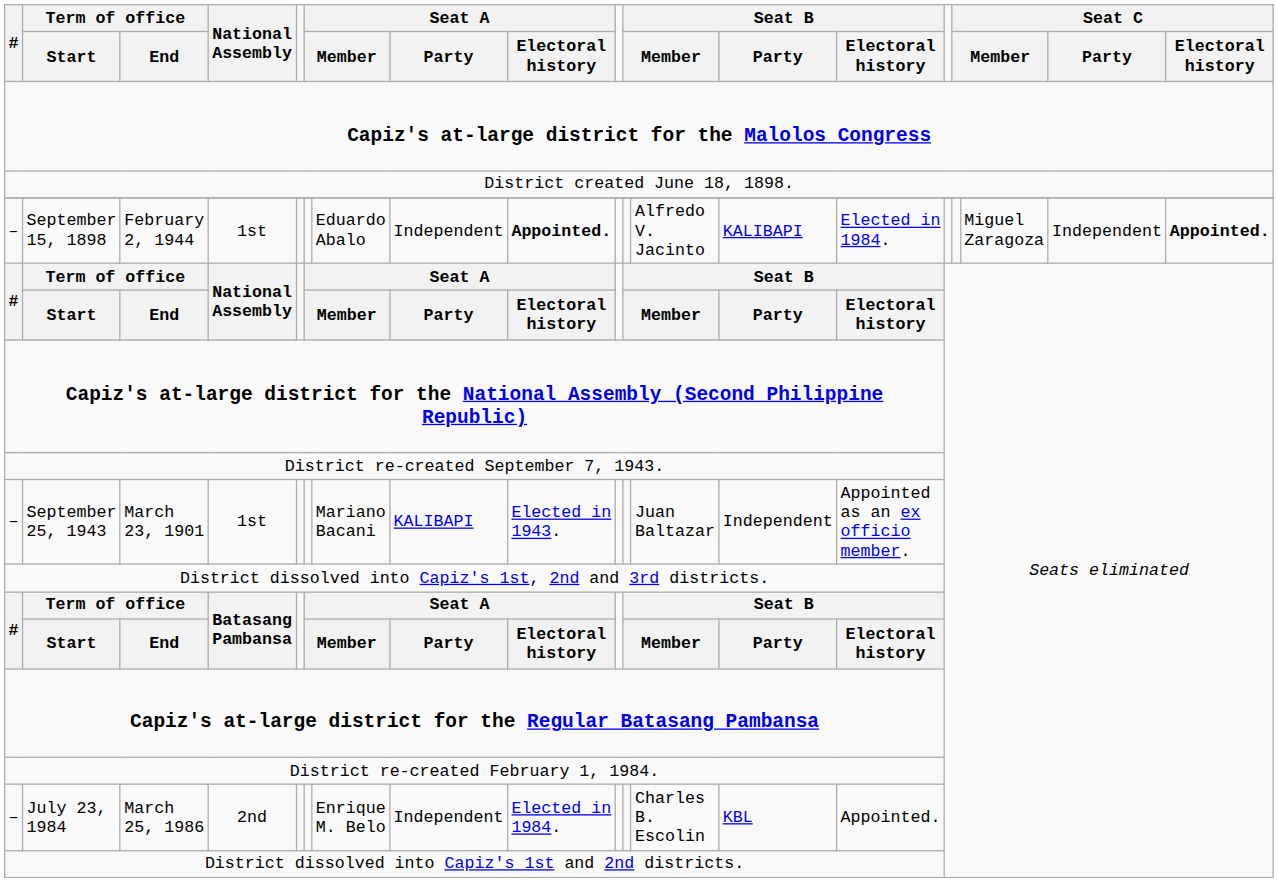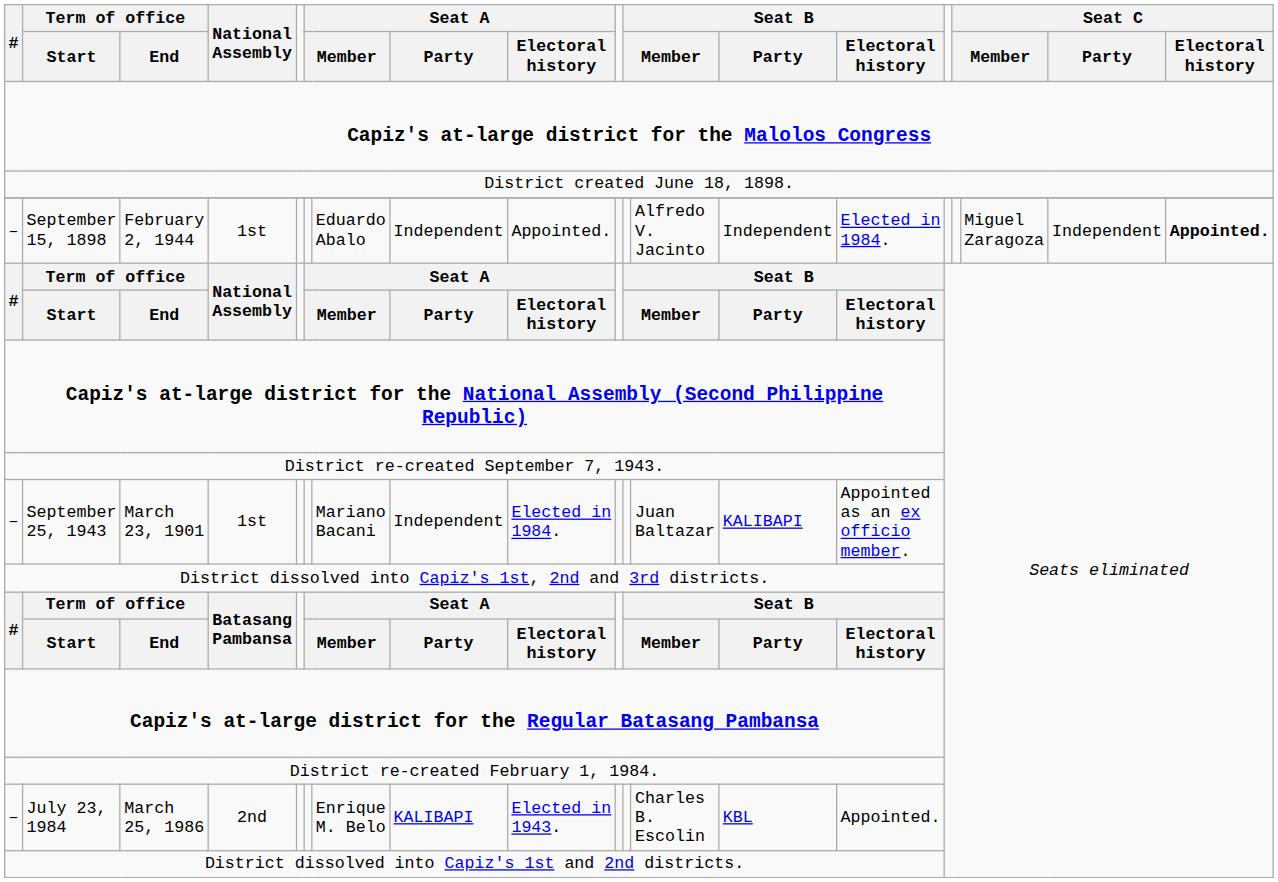 <table class=wikitable>
 <tr>
 <th rowspan=2>#</th>
 <th colspan=2>Term of office</th>
 <th rowspan=2>National<br>Assembly</th>
 <td rowspan=2></td>
 <th colspan=4>Seat A</th>
 <td rowspan=2></td>
 <th colspan=4>Seat B</th>
 <td rowspan=2></td>
 <th colspan=4>Seat C</th>
 </tr>
 <tr style="height:3em">
 <th>Start</th>
 <th>End</th>
 <th colspan="2" style="text-align:center;">Member</th>
 <th>Party</th>
 <th>Electoral history</th>
 <th colspan="2" style="text-align:center;">Member</th>
 <th>Party</th>
 <th>Electoral history</th>
 <th colspan="2" style="text-align:center;">Member</th>
 <th>Party</th>
 <th>Electoral history</th>
 </tr>
 <tr>
 <td colspan="19" style="text-align:center;"><br><h3>Capiz's at-large district for the <a href='#'>Malolos Congress</a></h3></td>
 </tr>
 <tr>
 <td colspan="19" style="text-align:center;">District created June 18, 1898.</td>
 </tr>
 <tr>
 </tr>
 <tr style="height:3em">
 <td style="text-align:center;">–</td>
 <td>September 15, 1898</td>
 <td>February 2, 1944</td>
 <td style="text-align:center;">1st</td>
 <td></td>
 <td style="background:"></td>
 <td>Eduardo Abalo</td>
 <td>Independent</td>
-<td><strong>Appointed.</strong></td>
+<td>Appointed.</td>
 <td></td>
 <td style="background:"></td>
 <td>Alfredo V. Jacinto</td>
-<td><a href='#'>KALIBAPI</a></td>
+<td>Independent</td>
 <td><a href='#'>Elected in 1984</a>.</td>
 <td></td>
 <td style="background:"></td>
 <td>Miguel Zaragoza</td>
 <td>Independent</td>
 <td><strong>Appointed.</strong></td>
 </tr>
 <tr>
 <th rowspan=2>#</th>
 <th colspan=2>Term of office</th>
 <th rowspan=2>National<br>Assembly</th>
 <td rowspan=2></td>
 <th colspan=4>Seat A</th>
 <td rowspan=2></td>
 <th colspan=4>Seat B</th>
 <td rowspan=12 colspan=5 style="text-align:center;"><em>Seats eliminated</em></td>
 </tr>
 <tr style="height:3em">
 <th>Start</th>
 <th>End</th>
 <th colspan="2" style="text-align:center;">Member</th>
 <th>Party</th>
 <th>Electoral history</th>
 <th colspan="2" style="text-align:center;">Member</th>
 <th>Party</th>
 <th>Electoral history</th>
 </tr>
 <tr>
 <td colspan="14" style="text-align:center;"><br><h3>Capiz's at-large district for the <a href='#'>National Assembly (Second Philippine Republic)</a></h3></td>
 </tr>
 <tr>
 <td colspan="14" style="text-align:center;">District re-created September 7, 1943.</td>
 </tr>
 <tr>
 <td style="text-align:center;">–</td>
 <td>September 25, 1943</td>
 <td>March 23, 1901</td>
 <td style="text-align:center;">1st</td>
 <td></td>
 <td style="background:"></td>
 <td>Mariano Bacani</td>
-<td><a href='#'>KALIBAPI</a></td>
-<td><a href='#'>Elected in 1943</a>.</td>
+<td>Independent</td>
+<td><a href='#'>Elected in 1984</a>.</td>
 <td></td>
 <td style="background:"></td>
 <td>Juan Baltazar</td>
-<td>Independent</td>
+<td><a href='#'>KALIBAPI</a></td>
 <td>Appointed as an <a href='#'>ex officio member</a>.</td>
 </tr>
 <tr>
 <td colspan="14" style="text-align:center;">District dissolved into <a href='#'>Capiz's 1st</a>, <a href='#'>2nd</a> and <a href='#'>3rd</a> districts.</td>
 </tr>
 <tr>
 <th rowspan=2>#</th>
 <th colspan=2>Term of office</th>
 <th rowspan=2>Batasang<br>Pambansa</th>
 <td rowspan=2></td>
 <th colspan=4>Seat A</th>
 <td rowspan=2></td>
 <th colspan=4>Seat B</th>
 </tr>
 <tr style="height:3em">
 <th>Start</th>
 <th>End</th>
 <th colspan="2" style="text-align:center;">Member</th>
 <th>Party</th>
 <th>Electoral history</th>
 <th colspan="2" style="text-align:center;">Member</th>
 <th>Party</th>
 <th>Electoral history</th>
 </tr>
 <tr>
 <td colspan="14" style="text-align:center;"><br><h3>Capiz's at-large district for the <a href='#'>Regular Batasang Pambansa</a></h3></td>
 </tr>
 <tr>
 <td colspan="14" style="text-align:center;">District re-created February 1, 1984.</td>
 </tr>
 <tr style="height:3em">
 <td style="text-align:center;">–</td>
 <td>July 23, 1984</td>
 <td>March 25, 1986</td>
 <td style="text-align:center;">2nd</td>
 <td></td>
 <td style="background:"></td>
 <td>Enrique M. Belo</td>
-<td>Independent</td>
-<td><a href='#'>Elected in 1984</a>.</td>
+<td><a href='#'>KALIBAPI</a></td>
+<td><a href='#'>Elected in 1943</a>.</td>
 <td></td>
 <td style="background:"></td>
 <td>Charles B. Escolin</td>
 <td><a href='#'>KBL</a></td>
 <td>Appointed.</td>
 </tr>
 <tr>
 <td colspan="14" style="text-align:center;">District dissolved into <a href='#'>Capiz's 1st</a> and <a href='#'>2nd</a> districts.</td>
 </tr>
 </table>
